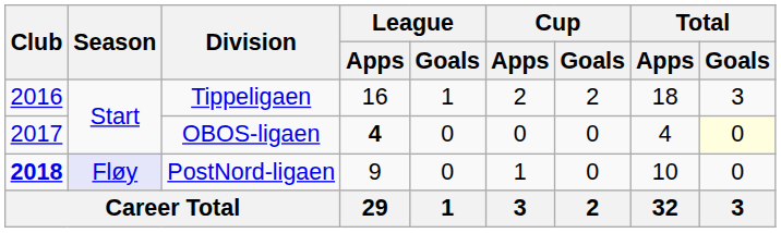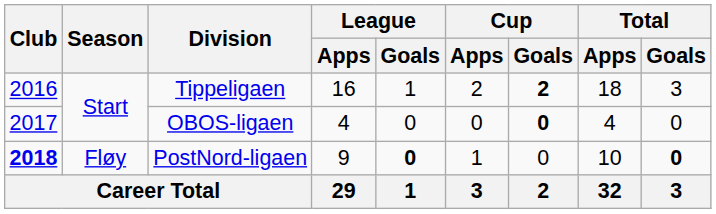 <table class="wikitable" style="text-align: center;">
 <tr>
 <th rowspan="2">Club</th>
 <th rowspan="2">Season</th>
 <th rowspan="2">Division</th>
 <th colspan="2">League</th>
 <th colspan="2">Cup</th>
 <th colspan="2">Total</th>
 </tr>
 <tr>
 <th>Apps</th>
 <th>Goals</th>
 <th>Apps</th>
 <th>Goals</th>
 <th>Apps</th>
 <th>Goals</th>
 </tr>
 <tr>
 <td><a href='#'>2016</a></td>
 <td rowspan="2" valign="center"><a href='#'>Start</a></td>
 <td rowspan="1" valign="center"><a href='#'>Tippeligaen</a></td>
 <td>16</td>
 <td>1</td>
 <td>2</td>
-<td>2</td>
+<td><strong>2</strong></td>
 <td>18</td>
 <td>3</td>
 </tr>
 <tr>
 <td><a href='#'>2017</a></td>
 <td rowspan="1" valign="center"><a href='#'>OBOS-ligaen</a></td>
-<td><strong>4</strong></td>
+<td>4</td>
 <td>0</td>
 <td>0</td>
+<td><strong>0</strong></td>
+<td>4</td>
 <td>0</td>
-<td>4</td>
-<td style="background: lightyellow;">0</td>
 </tr>
 <tr>
 <td><strong><a href='#'>2018</a></strong></td>
-<td rowspan="1" valign="center" style="background: lavender;"><a href='#'>Fløy</a></td>
+<td rowspan="1" valign="center"><a href='#'>Fløy</a></td>
 <td rowspan="1" valign="center"><a href='#'>PostNord-ligaen</a></td>
 <td>9</td>
-<td>0</td>
+<td><strong>0</strong></td>
 <td>1</td>
 <td>0</td>
 <td>10</td>
-<td>0</td>
+<td><strong>0</strong></td>
 </tr>
 <tr>
 <th colspan="3">Career Total</th>
 <th>29</th>
 <th>1</th>
 <th>3</th>
 <th>2</th>
 <th>32</th>
 <th>3</th>
 </tr>
 </table>
